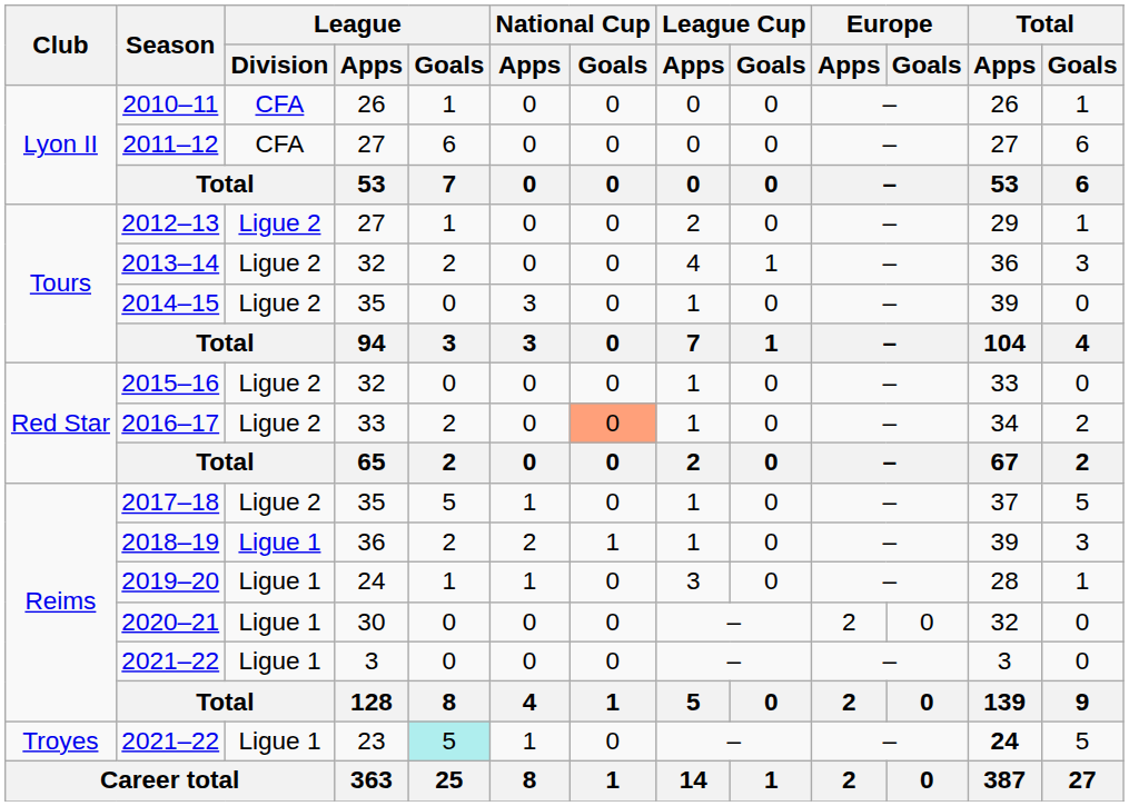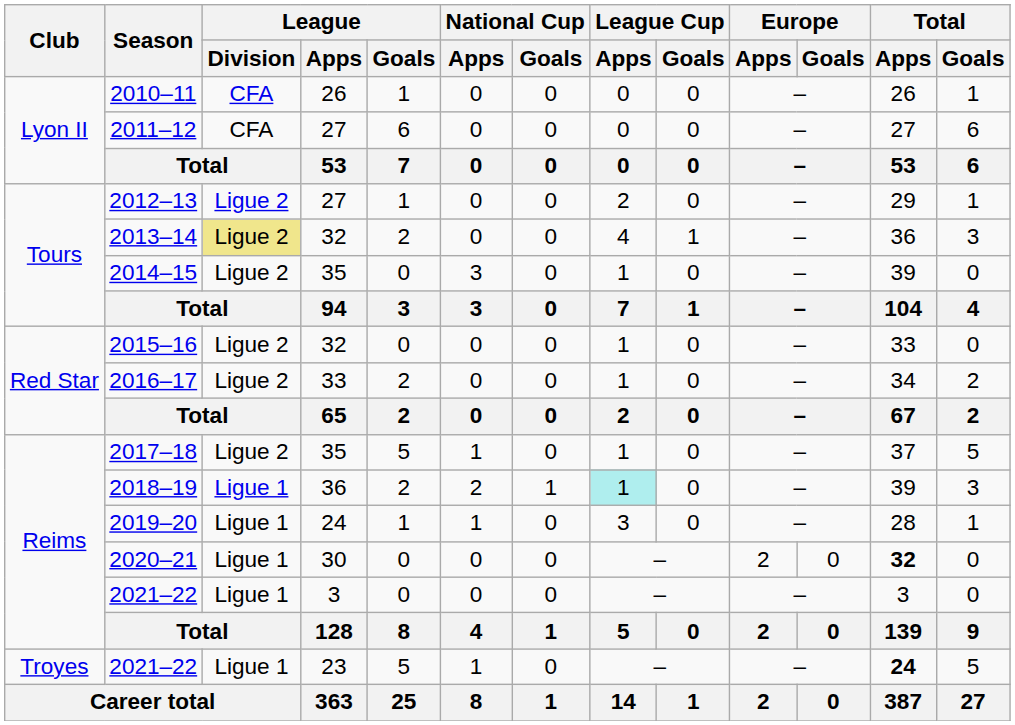 <table class="wikitable" style="text-align: center">
 <tr>
 <th rowspan="2">Club</th>
 <th rowspan="2">Season</th>
 <th colspan="3">League</th>
 <th colspan="2">National Cup</th>
 <th colspan="2">League Cup</th>
 <th colspan="2">Europe</th>
 <th colspan="2">Total</th>
 </tr>
 <tr>
 <th>Division</th>
 <th>Apps</th>
 <th>Goals</th>
 <th>Apps</th>
 <th>Goals</th>
 <th>Apps</th>
 <th>Goals</th>
 <th>Apps</th>
 <th>Goals</th>
 <th>Apps</th>
 <th>Goals</th>
 </tr>
 <tr>
 <td rowspan="3"><a href='#'>Lyon II</a></td>
 <td><a href='#'>2010–11</a></td>
 <td><a href='#'>CFA</a></td>
 <td>26</td>
 <td>1</td>
 <td>0</td>
 <td>0</td>
 <td>0</td>
 <td>0</td>
 <td colspan="2">–</td>
 <td>26</td>
 <td>1</td>
 </tr>
 <tr>
 <td><a href='#'>2011–12</a></td>
 <td>CFA</td>
 <td>27</td>
 <td>6</td>
 <td>0</td>
 <td>0</td>
 <td>0</td>
 <td>0</td>
 <td colspan="2">–</td>
 <td>27</td>
 <td>6</td>
 </tr>
 <tr>
 <th colspan="2">Total</th>
 <th>53</th>
 <th>7</th>
 <th>0</th>
 <th>0</th>
 <th>0</th>
 <th>0</th>
 <th colspan="2">–</th>
 <th>53</th>
 <th>6</th>
 </tr>
 <tr>
 <td rowspan="4"><a href='#'>Tours</a></td>
 <td><a href='#'>2012–13</a></td>
 <td><a href='#'>Ligue 2</a></td>
 <td>27</td>
 <td>1</td>
 <td>0</td>
 <td>0</td>
 <td>2</td>
 <td>0</td>
 <td colspan="2">–</td>
 <td>29</td>
 <td>1</td>
 </tr>
 <tr>
 <td><a href='#'>2013–14</a></td>
-<td>Ligue 2</td>
+<td style="background: khaki;">Ligue 2</td>
 <td>32</td>
 <td>2</td>
 <td>0</td>
 <td>0</td>
 <td>4</td>
 <td>1</td>
 <td colspan="2">–</td>
 <td>36</td>
 <td>3</td>
 </tr>
 <tr>
 <td><a href='#'>2014–15</a></td>
 <td>Ligue 2</td>
 <td>35</td>
 <td>0</td>
 <td>3</td>
 <td>0</td>
 <td>1</td>
 <td>0</td>
 <td colspan="2">–</td>
 <td>39</td>
 <td>0</td>
 </tr>
 <tr>
 <th colspan="2">Total</th>
 <th>94</th>
 <th>3</th>
 <th>3</th>
 <th>0</th>
 <th>7</th>
 <th>1</th>
 <th colspan="2">–</th>
 <th>104</th>
 <th>4</th>
 </tr>
 <tr>
 <td rowspan="3"><a href='#'>Red Star</a></td>
 <td><a href='#'>2015–16</a></td>
 <td>Ligue 2</td>
 <td>32</td>
 <td>0</td>
 <td>0</td>
 <td>0</td>
 <td>1</td>
 <td>0</td>
 <td colspan="2">–</td>
 <td>33</td>
 <td>0</td>
 </tr>
 <tr>
 <td><a href='#'>2016–17</a></td>
 <td>Ligue 2</td>
 <td>33</td>
 <td>2</td>
 <td>0</td>
-<td style="background: lightsalmon;">0</td>
+<td>0</td>
 <td>1</td>
 <td>0</td>
 <td colspan="2">–</td>
 <td>34</td>
 <td>2</td>
 </tr>
 <tr>
 <th colspan="2">Total</th>
 <th>65</th>
 <th>2</th>
 <th>0</th>
 <th>0</th>
 <th>2</th>
 <th>0</th>
 <th colspan="2">–</th>
 <th>67</th>
 <th>2</th>
 </tr>
 <tr>
 <td rowspan="6"><a href='#'>Reims</a></td>
 <td><a href='#'>2017–18</a></td>
 <td>Ligue 2</td>
 <td>35</td>
 <td>5</td>
 <td>1</td>
 <td>0</td>
 <td>1</td>
 <td>0</td>
 <td colspan="2">–</td>
 <td>37</td>
 <td>5</td>
 </tr>
 <tr>
 <td><a href='#'>2018–19</a></td>
 <td><a href='#'>Ligue 1</a></td>
 <td>36</td>
 <td>2</td>
 <td>2</td>
 <td>1</td>
-<td>1</td>
+<td style="background: paleturquoise;">1</td>
 <td>0</td>
 <td colspan="2">–</td>
 <td>39</td>
 <td>3</td>
 </tr>
 <tr>
 <td><a href='#'>2019–20</a></td>
 <td>Ligue 1</td>
 <td>24</td>
 <td>1</td>
 <td>1</td>
 <td>0</td>
 <td>3</td>
 <td>0</td>
 <td colspan="2">–</td>
 <td>28</td>
 <td>1</td>
 </tr>
 <tr>
 <td><a href='#'>2020–21</a></td>
 <td>Ligue 1</td>
 <td>30</td>
 <td>0</td>
 <td>0</td>
 <td>0</td>
 <td colspan="2">–</td>
 <td>2</td>
 <td>0</td>
-<td>32</td>
+<td><strong>32</strong></td>
 <td>0</td>
 </tr>
 <tr>
 <td><a href='#'>2021–22</a></td>
 <td>Ligue 1</td>
 <td>3</td>
 <td>0</td>
 <td>0</td>
 <td>0</td>
 <td colspan="2">–</td>
 <td colspan="2">–</td>
 <td>3</td>
 <td>0</td>
 </tr>
 <tr>
 <th colspan="2">Total</th>
 <th>128</th>
 <th>8</th>
 <th>4</th>
 <th>1</th>
 <th>5</th>
 <th>0</th>
 <th>2</th>
 <th>0</th>
 <th>139</th>
 <th>9</th>
 </tr>
 <tr>
 <td><a href='#'>Troyes</a></td>
 <td><a href='#'>2021–22</a></td>
 <td>Ligue 1</td>
 <td>23</td>
-<td style="background: paleturquoise;">5</td>
+<td>5</td>
 <td>1</td>
 <td>0</td>
 <td colspan="2">–</td>
 <td colspan="2">–</td>
 <td><strong>24</strong></td>
 <td>5</td>
 </tr>
 <tr>
 <th colspan="3">Career total</th>
 <th>363</th>
 <th>25</th>
 <th>8</th>
 <th>1</th>
 <th>14</th>
 <th>1</th>
 <th>2</th>
 <th>0</th>
 <th>387</th>
 <th>27</th>
 </tr>
 </table>
